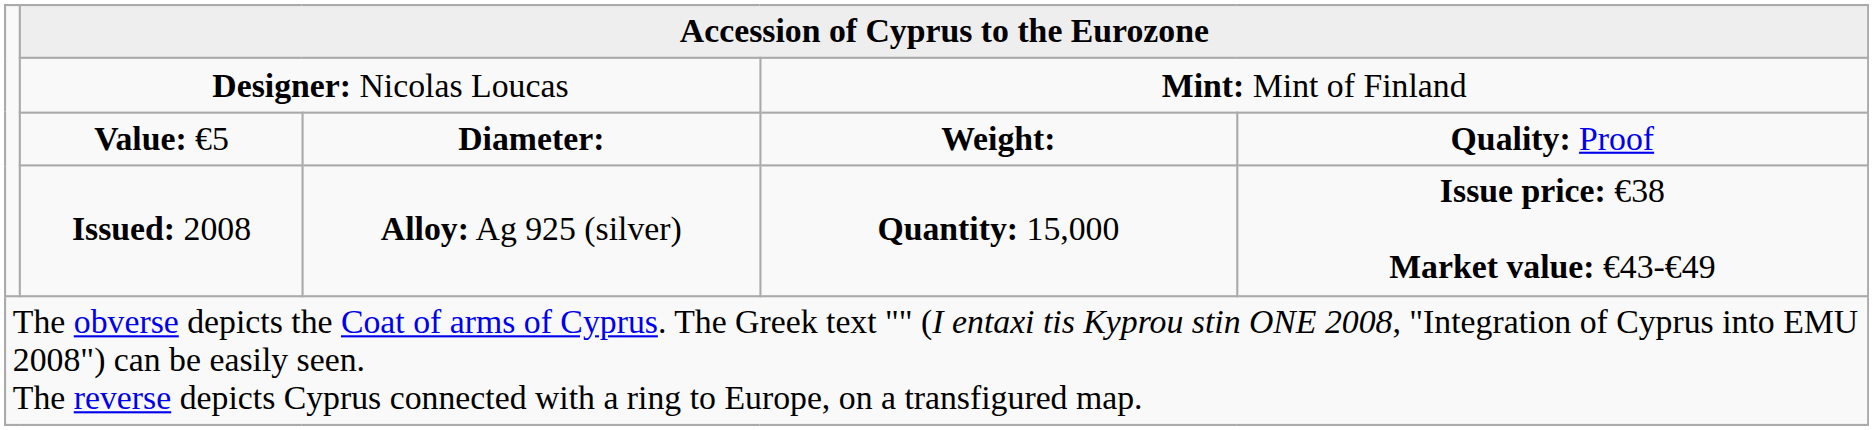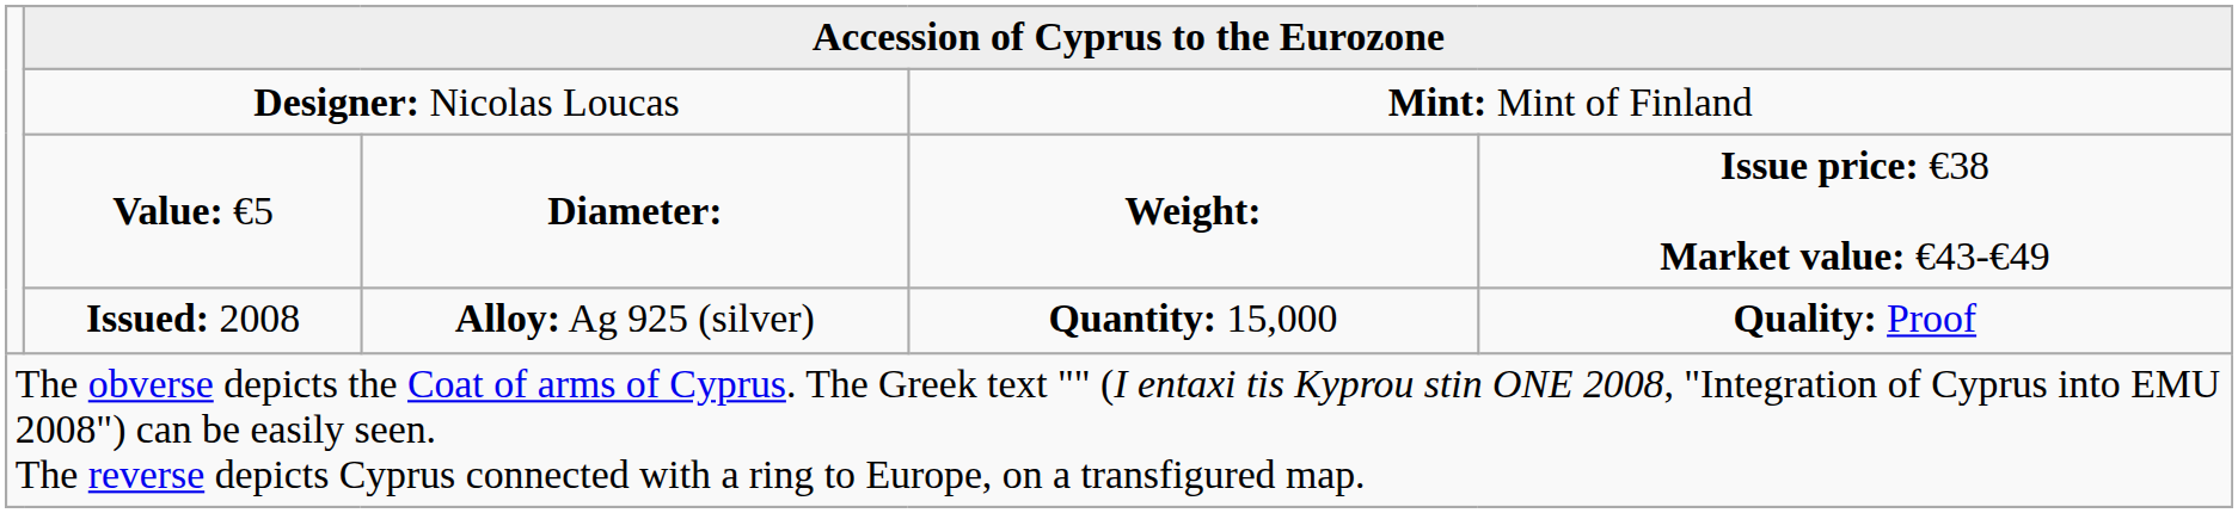 <table class="wikitable" width="100%">
 <tr>
 <td rowspan=4 width="330px" nowrap align=center><br> </td>
 <th colspan="4" align=center style="background:#eeeeee;">Accession of Cyprus to the Eurozone</th>
 </tr>
 <tr>
 <td colspan="2" width="40%" align=center><strong>Designer:</strong> Nicolas Loucas</td>
 <td colspan="2" width="60%" align=center><strong>Mint:</strong> Mint of Finland</td>
 </tr>
 <tr>
 <td align=center><strong>Value:</strong> €5</td>
 <td align=center><strong>Diameter:</strong> </td>
 <td align=center><strong>Weight:</strong> </td>
-<td align=center><strong>Quality:</strong> <a href='#'>Proof</a></td>
+<td align=center><strong>Issue price:</strong> €38<br><br><strong>Market value:</strong> €43-€49</td>
 </tr>
 <tr>
 <td align=center><strong>Issued:</strong> 2008</td>
 <td align=center><strong>Alloy:</strong> Ag 925 (silver)</td>
 <td align=center><strong>Quantity:</strong> 15,000</td>
-<td align=center><strong>Issue price:</strong> €38<br><br><strong>Market value:</strong> €43-€49</td>
+<td align=center><strong>Quality:</strong> <a href='#'>Proof</a></td>
 </tr>
 <tr>
 <td colspan="5" align=left>The <a href='#'>obverse</a> depicts the <a href='#'>Coat of arms of Cyprus</a>. The Greek text "" (<em>I entaxi tis Kyprou stin ONE 2008</em>, "Integration of Cyprus into EMU 2008") can be easily seen.<br>The <a href='#'>reverse</a> depicts Cyprus connected with a ring to Europe, on a transfigured map.</td>
 </tr>
 </table>
